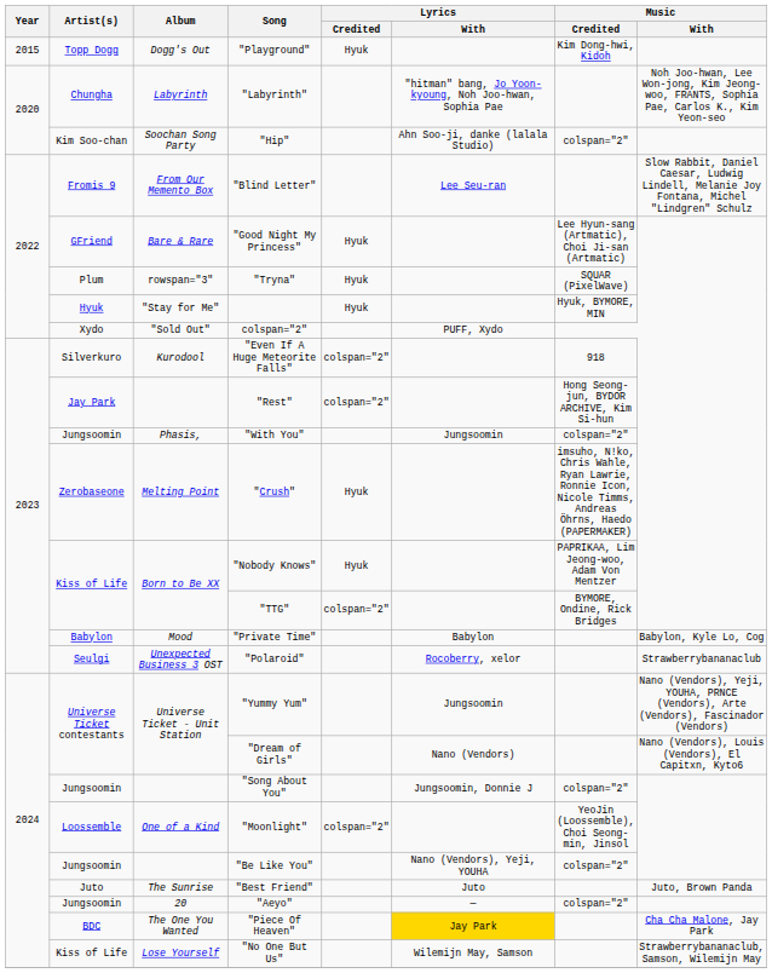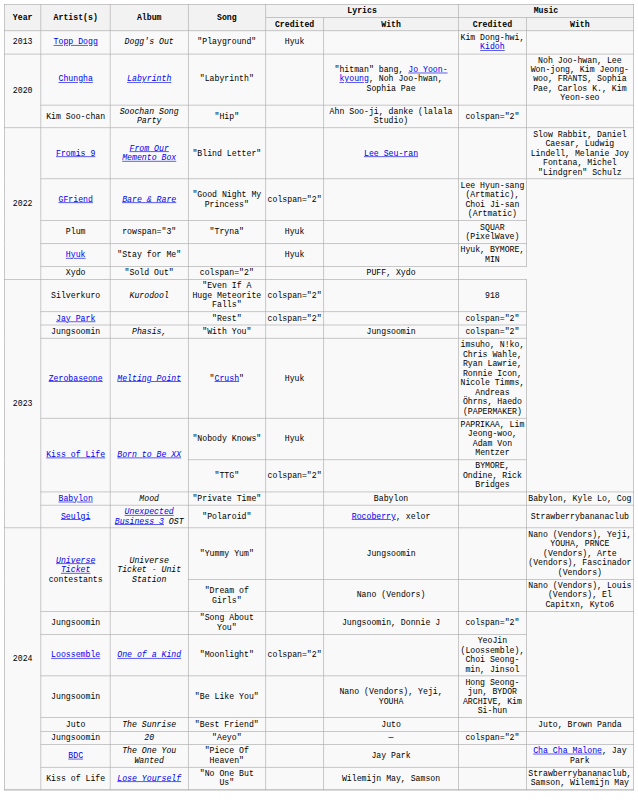 <table class="wikitable sortable plainrowheaders" style="text-align:center;">
 <tr>
 <th rowspan="2" style="width:4em;">Year</th>
 <th rowspan="2" style="width:8em;">Artist(s)</th>
 <th rowspan="2" style="width:9em;">Album</th>
 <th rowspan="2" style="width:9em;">Song</th>
 <th colspan="2" style="width:4em;">Lyrics</th>
 <th colspan="2" style="width:4em;">Music</th>
 </tr>
 <tr>
 <th style="width:4em;">Credited</th>
 <th style="width:16em;" class="unsortable">With</th>
 <th style="width:4em;">Credited</th>
 <th style="width:12em;" class="unsortable">With</th>
 </tr>
 <tr>
-<td>2015</td>
+<td>2013</td>
 <td><a href='#'>Topp Dogg</a></td>
 <td><em>Dogg's Out</em></td>
 <td>"Playground"</td>
 <td>Hyuk</td>
 <td></td>
 <td>Kim Dong-hwi, <a href='#'>Kidoh</a></td>
 </tr>
 <tr>
 <td rowspan="2">2020</td>
 <td><a href='#'>Chungha</a></td>
 <td><a href='#'><em>Labyrinth</em></a></td>
 <td>"Labyrinth"</td>
 <td></td>
 <td>"hitman" bang, <a href='#'>Jo Yoon-kyoung</a>, Noh Joo-hwan, Sophia Pae</td>
 <td></td>
 <td>Noh Joo-hwan, Lee Won-jong, Kim Jeong-woo, FRANTS, Sophia Pae, Carlos K., Kim Yeon-seo</td>
 </tr>
 <tr>
 <td>Kim Soo-chan</td>
 <td><em>Soochan Song Party</em></td>
 <td>"Hip"</td>
 <td></td>
 <td>Ahn Soo-ji, danke (lalala Studio)</td>
 <td>colspan="2" </td>
 </tr>
 <tr>
 <td rowspan="5">2022</td>
 <td><a href='#'>Fromis 9</a></td>
 <td><em><a href='#'>From Our Memento Box</a></em></td>
 <td>"Blind Letter"</td>
 <td></td>
 <td><a href='#'>Lee Seu-ran</a></td>
 <td></td>
 <td>Slow Rabbit, Daniel Caesar, Ludwig Lindell, Melanie Joy Fontana, Michel "Lindgren" Schulz</td>
 </tr>
 <tr>
 <td><a href='#'>GFriend</a></td>
 <td><em><a href='#'>Bare & Rare</a></em></td>
 <td>"Good Night My Princess"</td>
-<td>Hyuk</td>
+<td>colspan="2" </td>
 <td></td>
 <td>Lee Hyun-sang (Artmatic), Choi Ji-san (Artmatic)</td>
 </tr>
 <tr>
 <td>Plum</td>
 <td>rowspan="3" </td>
 <td>"Tryna"</td>
 <td>Hyuk</td>
 <td></td>
 <td>SQUAR (PixelWave)</td>
 </tr>
 <tr>
 <td><a href='#'>Hyuk</a></td>
 <td>"Stay for Me"<br></td>
 <td></td>
 <td>Hyuk</td>
 <td></td>
 <td>Hyuk, BYMORE, MIN</td>
 </tr>
 <tr>
 <td>Xydo</td>
 <td>"Sold Out"</td>
 <td>colspan="2" </td>
 <td></td>
 <td>PUFF, Xydo</td>
 </tr>
 <tr>
 <td rowspan="8">2023</td>
 <td>Silverkuro</td>
 <td><em>Kurodool</em></td>
 <td>"Even If A Huge Meteorite Falls"<br></td>
 <td>colspan="2" </td>
 <td></td>
 <td>918</td>
 </tr>
 <tr>
 <td><a href='#'>Jay Park</a></td>
 <td></td>
 <td>"Rest"</td>
 <td>colspan="2" </td>
 <td></td>
-<td>Hong Seong-jun, BYDOR ARCHIVE, Kim Si-hun</td>
+<td>colspan="2" </td>
 </tr>
 <tr>
 <td>Jungsoomin</td>
 <td><em>Phasis,</em></td>
 <td>"With You"</td>
 <td></td>
 <td>Jungsoomin</td>
 <td>colspan="2" </td>
 </tr>
 <tr>
 <td><a href='#'>Zerobaseone</a></td>
 <td><em><a href='#'>Melting Point</a></em></td>
 <td>"<a href='#'>Crush</a>"</td>
 <td>Hyuk</td>
 <td></td>
 <td>imsuho, N!ko, Chris Wahle, Ryan Lawrie, Ronnie Icon, Nicole Timms, Andreas Öhrns, Haedo (PAPERMAKER)</td>
 </tr>
 <tr>
 <td rowspan="2"><a href='#'>Kiss of Life</a></td>
 <td rowspan="2"><em><a href='#'>Born to Be XX</a></em></td>
 <td>"Nobody Knows"</td>
 <td>Hyuk</td>
 <td></td>
 <td>PAPRIKAA, Lim Jeong-woo, Adam Von Mentzer</td>
 </tr>
 <tr>
 <td>"TTG"</td>
 <td>colspan="2" </td>
 <td></td>
 <td>BYMORE, Ondine, Rick Bridges</td>
 </tr>
 <tr>
 <td><a href='#'>Babylon</a></td>
 <td><em>Mood</em></td>
 <td>"Private Time"<br></td>
 <td></td>
 <td>Babylon</td>
 <td></td>
 <td>Babylon, Kyle Lo, Cog</td>
 </tr>
 <tr>
 <td><a href='#'>Seulgi</a></td>
 <td><em><a href='#'>Unexpected Business 3</a> OST</em></td>
 <td>"Polaroid"</td>
 <td></td>
 <td><a href='#'>Rocoberry</a>, xelor</td>
 <td></td>
 <td>Strawberrybananaclub</td>
 </tr>
 <tr>
 <td rowspan="9">2024</td>
 <td rowspan="2"><em><a href='#'>Universe Ticket</a></em> contestants</td>
 <td rowspan="2"><em>Universe Ticket - Unit Station</em></td>
 <td>"Yummy Yum"</td>
 <td></td>
 <td>Jungsoomin</td>
 <td></td>
 <td>Nano (Vendors), Yeji, YOUHA, PRNCE (Vendors), Arte (Vendors), Fascinador (Vendors)</td>
 </tr>
 <tr>
 <td>"Dream of Girls"</td>
 <td></td>
 <td>Nano (Vendors)</td>
 <td></td>
 <td>Nano (Vendors), Louis (Vendors), El Capitxn, Kyto6</td>
 </tr>
 <tr>
 <td>Jungsoomin</td>
 <td></td>
 <td>"Song About You"</td>
 <td></td>
 <td>Jungsoomin, Donnie J</td>
 <td>colspan="2" </td>
 </tr>
 <tr>
 <td><a href='#'>Loossemble</a></td>
 <td><em><a href='#'>One of a Kind</a></em></td>
 <td>"Moonlight"</td>
 <td>colspan="2" </td>
 <td></td>
 <td>YeoJin (Loossemble), Choi Seong-min, Jinsol</td>
 </tr>
 <tr>
 <td>Jungsoomin</td>
 <td></td>
 <td>"Be Like You"</td>
 <td></td>
 <td>Nano (Vendors), Yeji, YOUHA</td>
-<td>colspan="2" </td>
+<td>Hong Seong-jun, BYDOR ARCHIVE, Kim Si-hun</td>
 </tr>
 <tr>
 <td>Juto</td>
 <td><em>The Sunrise</em></td>
 <td>"Best Friend"<br></td>
 <td></td>
 <td>Juto</td>
 <td></td>
 <td>Juto, Brown Panda</td>
 </tr>
 <tr>
 <td>Jungsoomin</td>
 <td><em>20</em></td>
 <td>"Aeyo"</td>
 <td></td>
 <td>—</td>
 <td>colspan="2" </td>
 </tr>
 <tr>
 <td><a href='#'>BDC</a></td>
 <td><em>The One You Wanted</em></td>
 <td>"Piece Of Heaven"<br></td>
 <td></td>
-<td style="background: gold;">Jay Park</td>
+<td>Jay Park</td>
 <td></td>
 <td><a href='#'>Cha Cha Malone</a>, Jay Park</td>
 </tr>
 <tr>
 <td>Kiss of Life</td>
 <td><em><a href='#'>Lose Yourself</a></em></td>
 <td>"No One But Us"</td>
 <td></td>
 <td>Wilemijn May, Samson</td>
 <td></td>
 <td>Strawberrybananaclub, Samson, Wilemijn May</td>
 </tr>
 <tr>
 </tr>
 </table>
